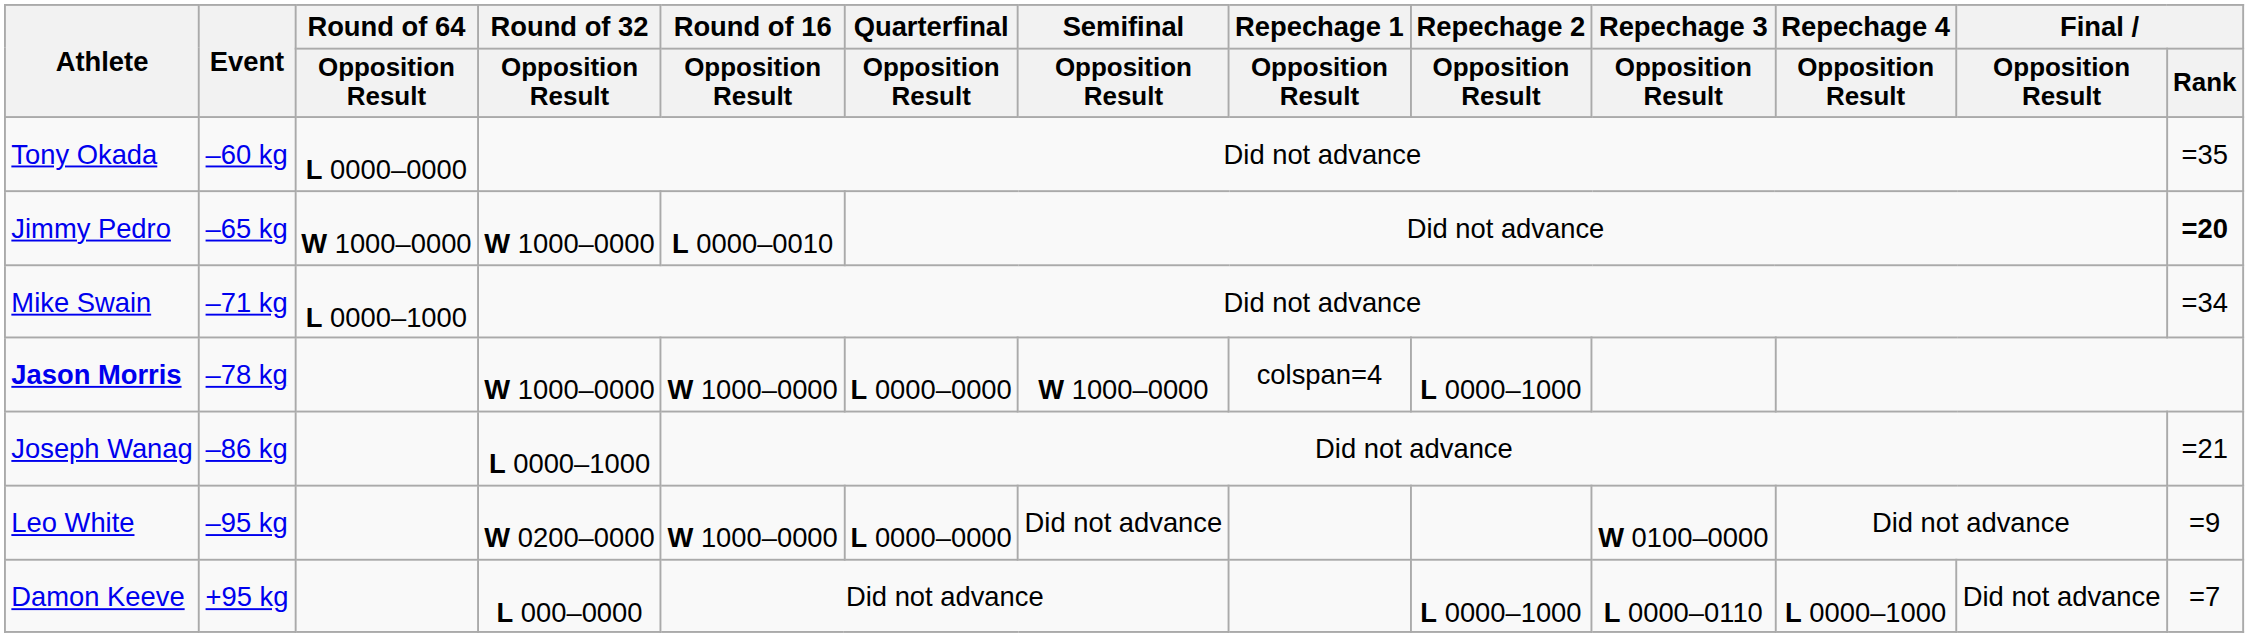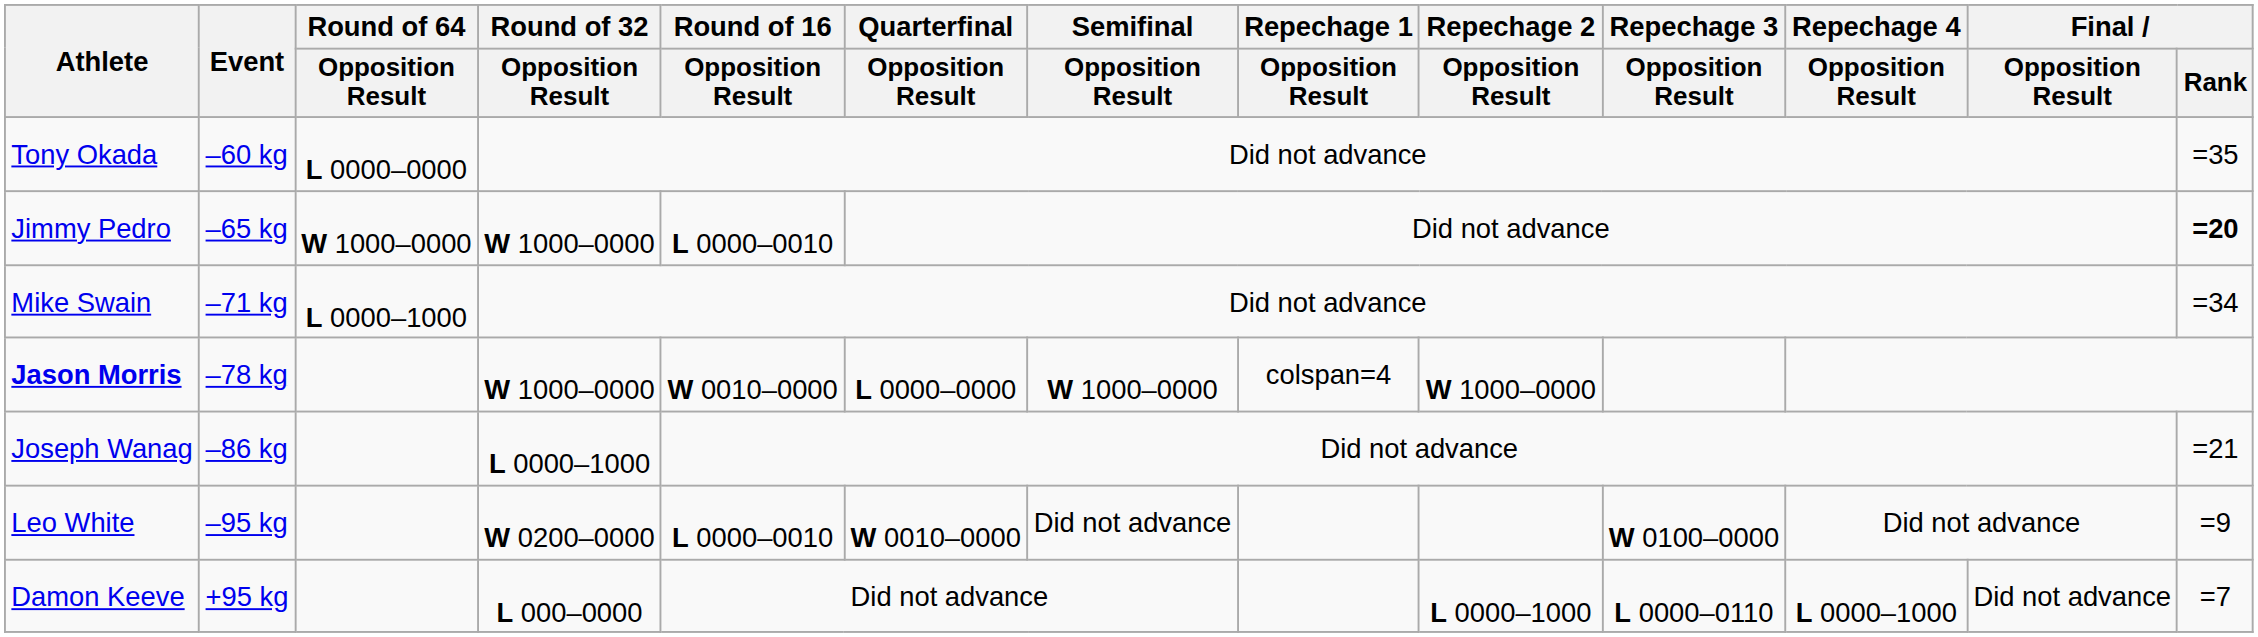 <table class=wikitable style=font-size:90%;text-align:center>
 <tr>
 <th rowspan=2>Athlete</th>
 <th rowspan=2>Event</th>
 <th>Round of 64</th>
 <th>Round of 32</th>
 <th>Round of 16</th>
 <th>Quarterfinal</th>
 <th>Semifinal</th>
 <th>Repechage 1</th>
 <th>Repechage 2</th>
 <th>Repechage 3</th>
 <th>Repechage 4</th>
 <th colspan=2>Final / </th>
 </tr>
 <tr style=font-size:95%>
 <th>Opposition<br>Result</th>
 <th>Opposition<br>Result</th>
 <th>Opposition<br>Result</th>
 <th>Opposition<br>Result</th>
 <th>Opposition<br>Result</th>
 <th>Opposition<br>Result</th>
 <th>Opposition<br>Result</th>
 <th>Opposition<br>Result</th>
 <th>Opposition<br>Result</th>
 <th>Opposition<br>Result</th>
 <th>Rank</th>
 </tr>
 <tr>
 <td align=left><a href='#'>Tony Okada</a></td>
 <td align=left><a href='#'>–60 kg</a></td>
 <td><br><strong>L</strong> 0000–0000 </td>
 <td colspan=9>Did not advance</td>
 <td>=35</td>
 </tr>
 <tr>
 <td align=left><a href='#'>Jimmy Pedro</a></td>
 <td align=left><a href='#'>–65 kg</a></td>
 <td><br><strong>W</strong> 1000–0000</td>
 <td><br><strong>W</strong> 1000–0000</td>
 <td><br><strong>L</strong> 0000–0010</td>
 <td colspan=7>Did not advance</td>
 <td><strong>=20</strong></td>
 </tr>
 <tr>
 <td align=left><a href='#'>Mike Swain</a></td>
 <td align=left><a href='#'>–71 kg</a></td>
 <td><br><strong>L</strong> 0000–1000</td>
 <td colspan=9>Did not advance</td>
 <td>=34</td>
 </tr>
 <tr>
 <td align=left><strong><a href='#'>Jason Morris</a></strong></td>
 <td align=left><a href='#'>–78 kg</a></td>
 <td></td>
 <td><br><strong>W</strong> 1000–0000</td>
-<td><br><strong>W</strong> 1000–0000</td>
+<td><br><strong>W</strong> 0010–0000</td>
 <td><br><strong>L</strong> 0000–0000 </td>
 <td><br><strong>W</strong> 1000–0000</td>
 <td>colspan=4 </td>
-<td><br><strong>L</strong> 0000–1000</td>
+<td><br><strong>W</strong> 1000–0000</td>
 <td></td>
 </tr>
 <tr>
 <td align=left><a href='#'>Joseph Wanag</a></td>
 <td align=left><a href='#'>–86 kg</a></td>
 <td></td>
 <td><br><strong>L</strong> 0000–1000</td>
 <td colspan=8>Did not advance</td>
 <td>=21</td>
 </tr>
 <tr>
 <td align=left><a href='#'>Leo White</a></td>
 <td align=left><a href='#'>–95 kg</a></td>
 <td></td>
 <td><br><strong>W</strong> 0200–0000</td>
-<td><br><strong>W</strong> 1000–0000</td>
-<td><br><strong>L</strong> 0000–0000 </td>
+<td><br><strong>L</strong> 0000–0010</td>
+<td><br><strong>W</strong> 0010–0000</td>
 <td>Did not advance</td>
 <td></td>
 <td></td>
 <td><br><strong>W</strong> 0100–0000</td>
 <td colspan=2>Did not advance</td>
 <td>=9</td>
 </tr>
 <tr>
 <td align=left><a href='#'>Damon Keeve</a></td>
 <td align=left><a href='#'>+95 kg</a></td>
 <td></td>
 <td><br><strong>L</strong> 000–0000 </td>
 <td colspan=3>Did not advance</td>
 <td></td>
 <td><br><strong>L</strong> 0000–1000</td>
 <td><br><strong>L</strong> 0000–0110</td>
 <td><br><strong>L</strong> 0000–1000</td>
 <td>Did not advance</td>
 <td>=7</td>
 </tr>
 </table>
